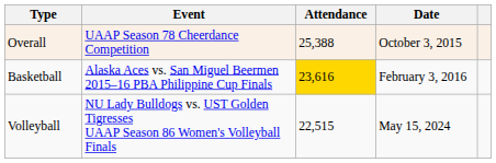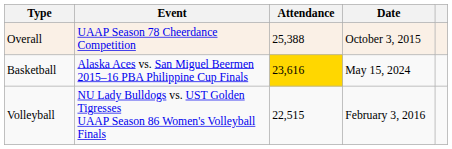 <table class="wikitable">
 <tr>
 <th style="width:100px;">Type</th>
 <th style="width:350px;">Event</th>
 <th style="width:100px;">Attendance</th>
 <th style="width:150px;">Date</th>
 <th style="width:15px;"></th>
 </tr>
 <tr>
 <td style="background:#faf0e6;">Overall</td>
 <td style="background:#faf0e6;"><a href='#'>UAAP Season 78 Cheerdance Competition</a></td>
 <td style="background:#faf0e6;">25,388</td>
 <td style="background:#faf0e6;">October 3, 2015</td>
 <td style="background:#faf0e6;"></td>
 </tr>
 <tr>
 <td>Basketball</td>
 <td><a href='#'>Alaska Aces</a> vs. <a href='#'>San Miguel Beermen</a> <br><a href='#'>2015–16 PBA Philippine Cup Finals</a></td>
 <td style="background: gold;">23,616</td>
-<td>February 3, 2016</td>
+<td>May 15, 2024</td>
 <td></td>
 </tr>
 <tr>
 <td>Volleyball</td>
 <td><a href='#'>NU Lady Bulldogs</a> vs. <a href='#'>UST Golden Tigresses</a> <br><a href='#'>UAAP Season 86 Women's Volleyball Finals</a></td>
 <td>22,515</td>
-<td>May 15, 2024</td>
+<td>February 3, 2016</td>
 <td></td>
 </tr>
 </table>
